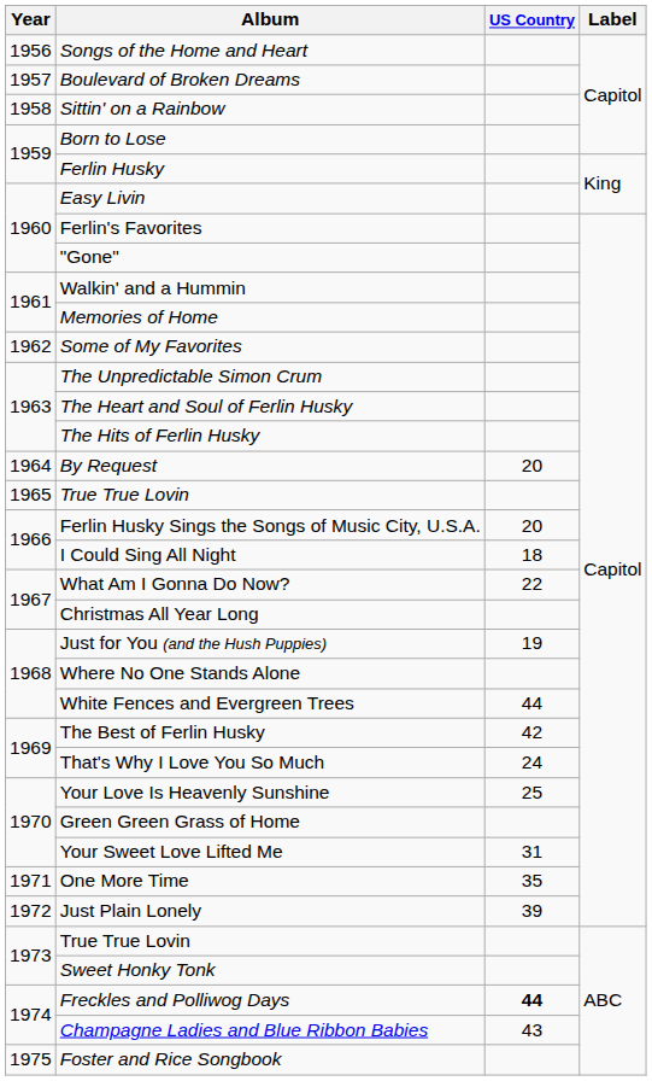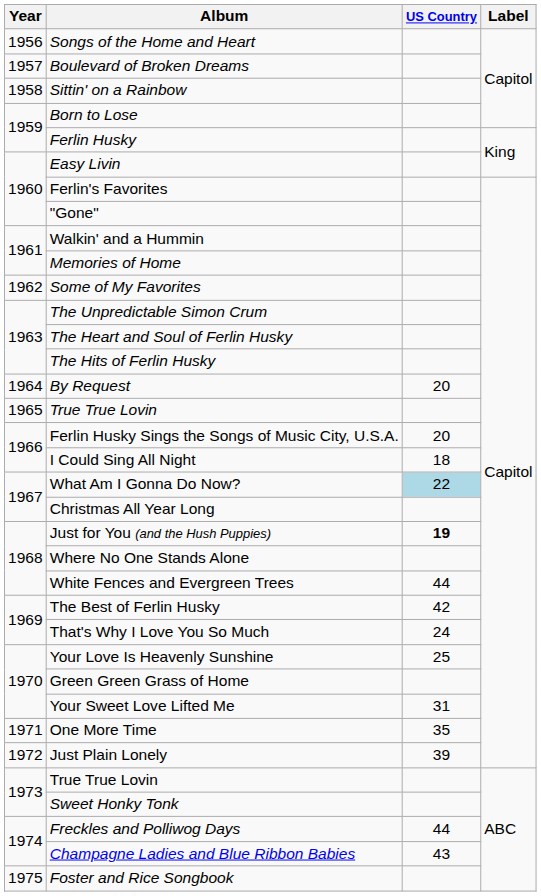 <table class="wikitable">
 <tr>
 <th>Year</th>
 <th>Album</th>
 <th><small><a href='#'>US Country</a></small></th>
 <th>Label</th>
 </tr>
 <tr>
 <td>1956</td>
 <td><em>Songs of the Home and Heart</em></td>
 <td></td>
 <td rowspan="4">Capitol</td>
 </tr>
 <tr>
 <td>1957</td>
 <td><em>Boulevard of Broken Dreams</em></td>
 <td></td>
 </tr>
 <tr>
 <td>1958</td>
 <td><em>Sittin' on a Rainbow</em></td>
 <td></td>
 </tr>
 <tr>
 <td rowspan="2">1959</td>
 <td><em>Born to Lose</em></td>
 <td></td>
 </tr>
 <tr>
 <td><em>Ferlin Husky</em></td>
 <td></td>
 <td rowspan="2">King</td>
 </tr>
 <tr>
 <td rowspan="3">1960</td>
 <td><em>Easy Livin<strong></td>
 <td></td>
 </tr>
 <tr>
 <td></em>Ferlin's Favorites<em></td>
 <td></td>
 <td rowspan="24">Capitol</td>
 </tr>
 <tr>
 <td></em>"Gone"<em></td>
 <td></td>
 </tr>
 <tr>
 <td rowspan="2">1961</td>
 <td></em>Walkin' and a Hummin</strong></td>
 <td></td>
 </tr>
 <tr>
 <td><em>Memories of Home</em></td>
 <td></td>
 </tr>
 <tr>
 <td>1962</td>
 <td><em>Some of My Favorites</em></td>
 <td></td>
 </tr>
 <tr>
 <td rowspan="3">1963</td>
 <td><em>The Unpredictable Simon Crum</em></td>
 <td></td>
 </tr>
 <tr>
 <td><em>The Heart and Soul of Ferlin Husky</em></td>
 <td></td>
 </tr>
 <tr>
 <td><em>The Hits of Ferlin Husky</em></td>
 <td></td>
 </tr>
 <tr>
 <td>1964</td>
 <td><em>By Request</em></td>
 <td align="center">20</td>
 </tr>
 <tr>
 <td>1965</td>
 <td><em>True True Lovin<strong></td>
 <td></td>
 </tr>
 <tr>
 <td rowspan="2">1966</td>
 <td></em>Ferlin Husky Sings the Songs of Music City, U.S.A.<em></td>
 <td align="center">20</td>
 </tr>
 <tr>
 <td></em>I Could Sing All Night<em></td>
 <td align="center">18</td>
 </tr>
 <tr>
 <td rowspan="2">1967</td>
 <td></em>What Am I Gonna Do Now?<em></td>
-<td align="center">22</td>
+<td align="center" style="background: lightblue;">22</td>
 </tr>
 <tr>
 <td></em>Christmas All Year Long<em></td>
 <td></td>
 </tr>
 <tr>
 <td rowspan="3">1968</td>
 <td></em>Just for You<em> <small>(and the Hush Puppies)</small></td>
-<td align="center">19</td>
+<td align="center"><strong>19</strong></td>
 </tr>
 <tr>
 <td></em>Where No One Stands Alone<em></td>
 <td></td>
 </tr>
 <tr>
 <td></em>White Fences and Evergreen Trees<em></td>
 <td align="center">44</td>
 </tr>
 <tr>
 <td rowspan="2">1969</td>
 <td></em>The Best of Ferlin Husky<em></td>
 <td align="center">42</td>
 </tr>
 <tr>
 <td></em>That's Why I Love You So Much<em></td>
 <td align="center">24</td>
 </tr>
 <tr>
 <td rowspan="3">1970</td>
 <td></em>Your Love Is Heavenly Sunshine<em></td>
 <td align="center">25</td>
 </tr>
 <tr>
 <td></em>Green Green Grass of Home<em></td>
 <td></td>
 </tr>
 <tr>
 <td></em>Your Sweet Love Lifted Me<em></td>
 <td align="center">31</td>
 </tr>
 <tr>
 <td>1971</td>
 <td></em>One More Time<em></td>
 <td align="center">35</td>
 </tr>
 <tr>
 <td>1972</td>
 <td></em>Just Plain Lonely<em></td>
 <td align="center">39</td>
 </tr>
 <tr>
 <td rowspan="2">1973</td>
 <td></em>True True Lovin</strong></td>
 <td></td>
 <td rowspan="5">ABC</td>
 </tr>
 <tr>
 <td><em>Sweet Honky Tonk</em></td>
 <td></td>
 </tr>
 <tr>
 <td rowspan="2">1974</td>
 <td><em>Freckles and Polliwog Days</em></td>
-<td align="center"><strong>44</strong></td>
+<td align="center">44</td>
 </tr>
 <tr>
 <td><em><a href='#'>Champagne Ladies and Blue Ribbon Babies</a></em></td>
 <td align="center">43</td>
 </tr>
 <tr>
 <td>1975</td>
 <td><em>Foster and Rice Songbook</em></td>
 <td></td>
 </tr>
 </table>
